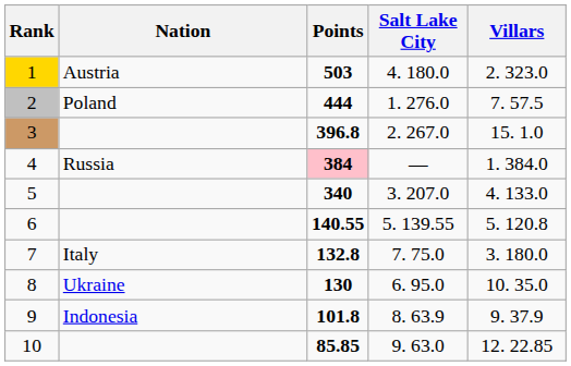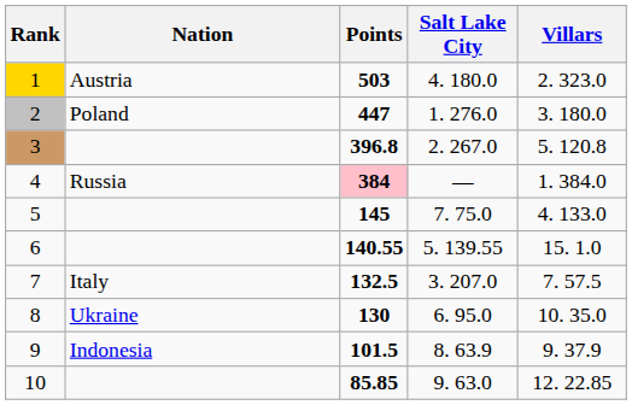 <table class="wikitable sortable" style="text-align: center;">
 <tr>
 <th>Rank</th>
 <th width = "200">Nation</th>
 <th>Points</th>
 <th width = "75" data-sort-type="number"><a href='#'>Salt Lake City</a></th>
 <th width = "75" data-sort-type="number"><a href='#'>Villars</a></th>
 </tr>
 <tr>
 <td style="background: gold">1</td>
 <td align="left"> Austria</td>
 <td><strong>503</strong></td>
 <td>4. 180.0</td>
 <td>2. 323.0</td>
 </tr>
 <tr>
 <td style="background: silver">2</td>
 <td align="left"> Poland</td>
-<td><strong>444</strong></td>
+<td><strong>447</strong></td>
 <td>1. 276.0</td>
-<td>7. 57.5</td>
+<td>3. 180.0</td>
 </tr>
 <tr>
 <td style="background: #cc9966">3</td>
 <td align="left"></td>
 <td><strong>396.8</strong></td>
 <td>2. 267.0</td>
-<td>15. 1.0</td>
+<td>5. 120.8</td>
 </tr>
 <tr>
 <td>4</td>
 <td align="left"> Russia</td>
 <td style="background: pink;"><strong>384</strong></td>
 <td>—</td>
 <td>1. 384.0</td>
 </tr>
 <tr>
 <td>5</td>
 <td align="left"></td>
-<td><strong>340</strong></td>
-<td>3. 207.0</td>
+<td><strong>145</strong></td>
+<td>7. 75.0</td>
 <td>4. 133.0</td>
 </tr>
 <tr>
 <td>6</td>
 <td align="left"></td>
 <td><strong>140.55</strong></td>
 <td>5. 139.55</td>
-<td>5. 120.8</td>
+<td>15. 1.0</td>
 </tr>
 <tr>
 <td>7</td>
 <td align="left"> Italy</td>
-<td><strong>132.8</strong></td>
-<td>7. 75.0</td>
-<td>3. 180.0</td>
+<td><strong>132.5</strong></td>
+<td>3. 207.0</td>
+<td>7. 57.5</td>
 </tr>
 <tr>
 <td>8</td>
 <td align="left"> <a href='#'>Ukraine</a></td>
 <td><strong>130</strong></td>
 <td>6. 95.0</td>
 <td>10. 35.0</td>
 </tr>
 <tr>
 <td>9</td>
 <td align="left"> <a href='#'>Indonesia</a></td>
-<td><strong>101.8</strong></td>
+<td><strong>101.5</strong></td>
 <td>8. 63.9</td>
 <td>9. 37.9</td>
 </tr>
 <tr>
 <td>10</td>
 <td align="left"></td>
 <td><strong>85.85</strong></td>
 <td>9. 63.0</td>
 <td>12. 22.85</td>
 </tr>
 </table>
